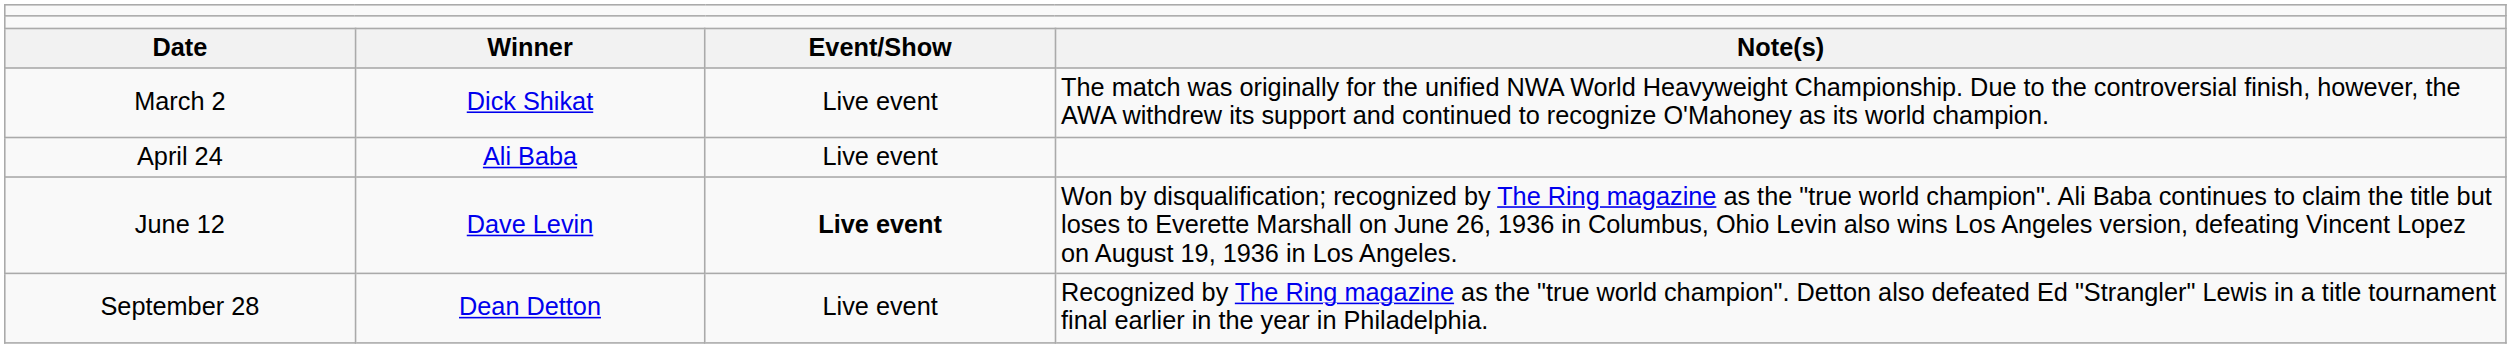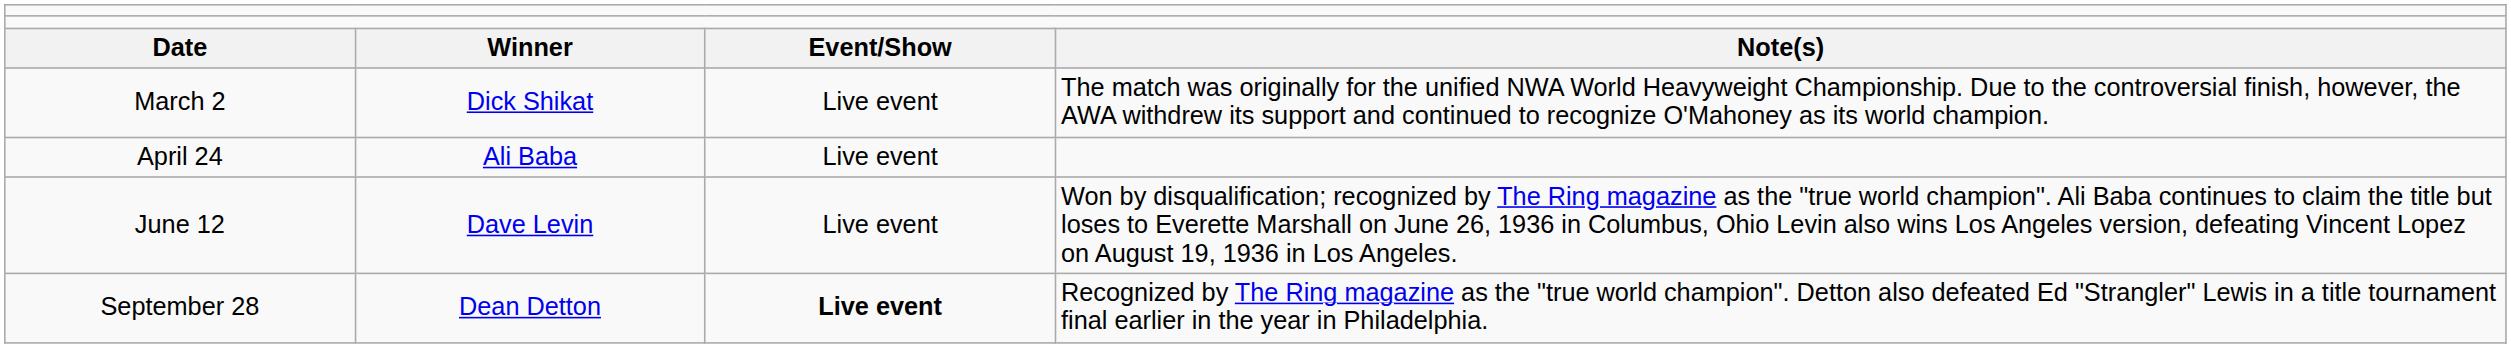 <table class="wikitable" style="text-align:center; width:100%;">
 <tr>
 <td colspan="5"></td>
 </tr>
 <tr>
 <td colspan="5"><strong></strong></td>
 </tr>
 <tr>
 <th width=14%>Date</th>
 <th width=14%>Winner</th>
 <th width=14%>Event/Show</th>
 <th width=58%>Note(s)</th>
 </tr>
 <tr>
 <td>March 2</td>
 <td><a href='#'>Dick Shikat</a></td>
 <td>Live event</td>
 <td align=left>The match was originally for the unified NWA World Heavyweight Championship. Due to the controversial finish, however, the AWA withdrew its support and continued to recognize O'Mahoney as its world champion.</td>
 </tr>
 <tr>
 <td>April 24</td>
 <td><a href='#'>Ali Baba</a></td>
 <td>Live event</td>
 <td align=left></td>
 </tr>
 <tr>
 <td>June 12</td>
 <td><a href='#'>Dave Levin</a></td>
-<td><strong>Live event</strong></td>
+<td>Live event</td>
 <td align=left>Won by disqualification; recognized by <a href='#'>The Ring magazine</a> as the "true world champion". Ali Baba continues to claim the title but loses to Everette Marshall on June 26, 1936 in Columbus, Ohio Levin also wins Los Angeles version, defeating Vincent Lopez on August 19, 1936 in Los Angeles.</td>
 </tr>
 <tr>
 <td>September 28</td>
 <td><a href='#'>Dean Detton</a></td>
-<td>Live event</td>
+<td><strong>Live event</strong></td>
 <td align=left>Recognized by <a href='#'>The Ring magazine</a> as the "true world champion". Detton also defeated Ed "Strangler" Lewis in a title tournament final earlier in the year in Philadelphia.</td>
 </tr>
 </table>
